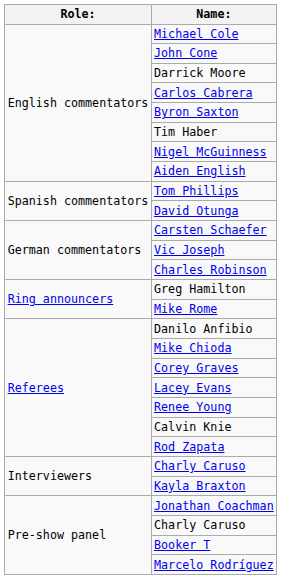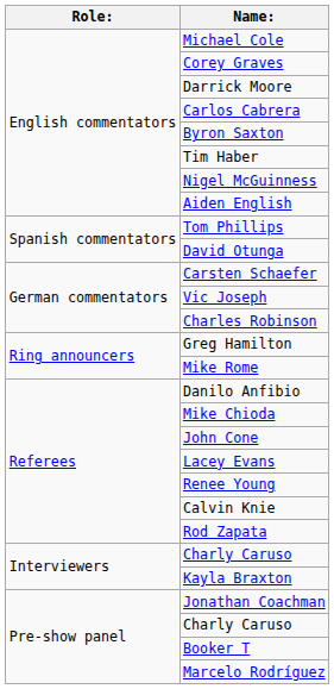 <table class=wikitable style="font-size:90%; margin: 0.5em 0 0.5em 1em; float: right; clear: right;">
 <tr>
 <th>Role:</th>
 <th>Name:</th>
 </tr>
 <tr>
 <td rowspan=8>English commentators</td>
 <td><a href='#'>Michael Cole</a> </td>
 </tr>
 <tr>
-<td><a href='#'>John Cone</a></td>
+<td><a href='#'>Corey Graves</a> </td>
 </tr>
 <tr>
 <td>Darrick Moore</td>
 </tr>
 <tr>
 <td><a href='#'>Carlos Cabrera</a></td>
 </tr>
 <tr>
 <td><a href='#'>Byron Saxton</a> </td>
 </tr>
 <tr>
 <td>Tim Haber</td>
 </tr>
 <tr>
 <td><a href='#'>Nigel McGuinness</a> </td>
 </tr>
 <tr>
 <td><a href='#'>Aiden English</a> </td>
 </tr>
 <tr>
 <td rowspan=2>Spanish commentators</td>
 <td><a href='#'>Tom Phillips</a> </td>
 </tr>
 <tr>
 <td><a href='#'>David Otunga</a></td>
 </tr>
 <tr>
 <td rowspan=3>German commentators</td>
 <td><a href='#'>Carsten Schaefer</a></td>
 </tr>
 <tr>
 <td><a href='#'>Vic Joseph</a> </td>
 </tr>
 <tr>
 <td><a href='#'>Charles Robinson</a></td>
 </tr>
 <tr>
 <td rowspan=2><a href='#'>Ring announcers</a></td>
 <td>Greg Hamilton </td>
 </tr>
 <tr>
 <td><a href='#'>Mike Rome</a> </td>
 </tr>
 <tr>
 <td rowspan=7><a href='#'>Referees</a></td>
 <td>Danilo Anfibio</td>
 </tr>
 <tr>
 <td><a href='#'>Mike Chioda</a></td>
 </tr>
 <tr>
-<td><a href='#'>Corey Graves</a> </td>
+<td><a href='#'>John Cone</a></td>
 </tr>
 <tr>
 <td><a href='#'>Lacey Evans</a></td>
 </tr>
 <tr>
 <td><a href='#'>Renee Young</a> </td>
 </tr>
 <tr>
 <td>Calvin Knie</td>
 </tr>
 <tr>
 <td><a href='#'>Rod Zapata</a></td>
 </tr>
 <tr>
 <td rowspan=2>Interviewers</td>
 <td><a href='#'>Charly Caruso</a></td>
 </tr>
 <tr>
 <td><a href='#'>Kayla Braxton</a></td>
 </tr>
 <tr>
 <td rowspan=4>Pre-show panel</td>
 <td><a href='#'>Jonathan Coachman</a></td>
 </tr>
 <tr>
 <td>Charly Caruso</td>
 </tr>
 <tr>
 <td><a href='#'>Booker T</a></td>
 </tr>
 <tr>
 <td><a href='#'>Marcelo Rodríguez</a></td>
 </tr>
 <tr>
 </tr>
 </table>
